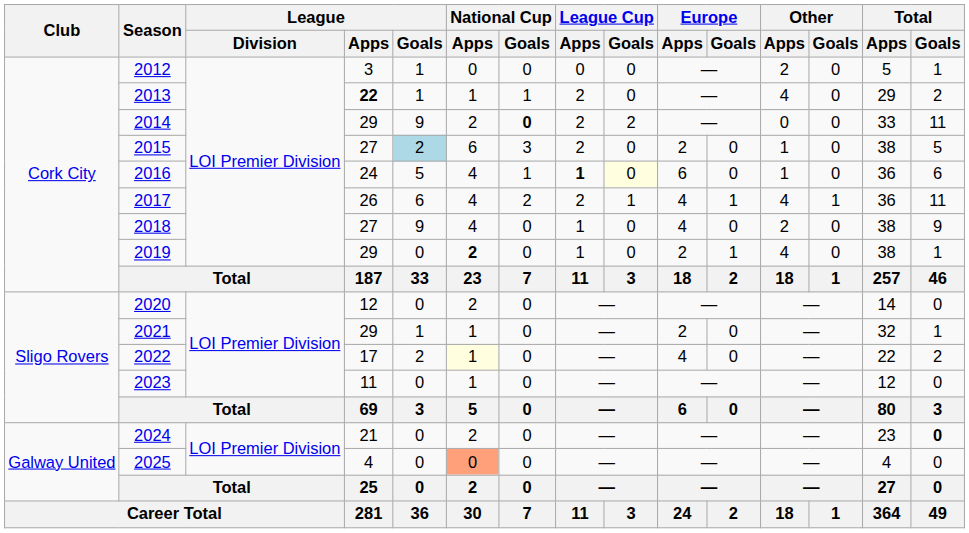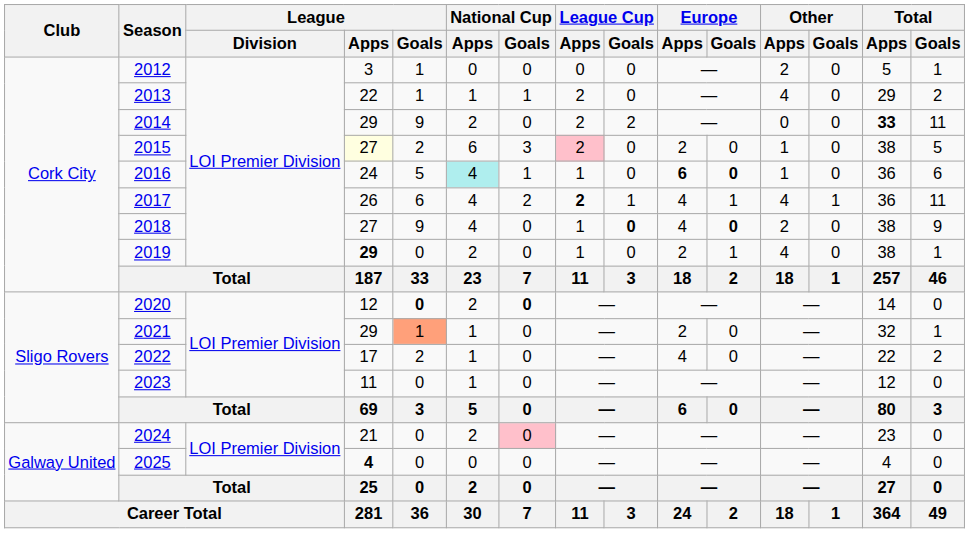 <table class=wikitable style="text-align: center">
 <tr>
 <th rowspan=2>Club</th>
 <th rowspan=2>Season</th>
 <th colspan=3>League</th>
 <th colspan=2>National Cup</th>
 <th colspan=2><a href='#'>League Cup</a></th>
 <th colspan=2><a href='#'>Europe</a></th>
 <th colspan=2>Other</th>
 <th colspan=2>Total</th>
 </tr>
 <tr>
 <th>Division</th>
 <th>Apps</th>
 <th>Goals</th>
 <th>Apps</th>
 <th>Goals</th>
 <th>Apps</th>
 <th>Goals</th>
 <th>Apps</th>
 <th>Goals</th>
 <th>Apps</th>
 <th>Goals</th>
 <th>Apps</th>
 <th>Goals</th>
 </tr>
 <tr>
 <td rowspan="9"><a href='#'>Cork City</a></td>
 <td><a href='#'>2012</a></td>
 <td rowspan="8"><a href='#'>LOI Premier Division</a></td>
 <td>3</td>
 <td>1</td>
 <td>0</td>
 <td>0</td>
 <td>0</td>
 <td>0</td>
 <td colspan="2">—</td>
 <td>2</td>
 <td>0</td>
 <td>5</td>
 <td>1</td>
 </tr>
 <tr>
 <td><a href='#'>2013</a></td>
-<td><strong>22</strong></td>
+<td>22</td>
 <td>1</td>
 <td>1</td>
 <td>1</td>
 <td>2</td>
 <td>0</td>
 <td colspan="2">—</td>
 <td>4</td>
 <td>0</td>
 <td>29</td>
 <td>2</td>
 </tr>
 <tr>
 <td><a href='#'>2014</a></td>
 <td>29</td>
 <td>9</td>
 <td>2</td>
-<td><strong>0</strong></td>
+<td>0</td>
 <td>2</td>
 <td>2</td>
 <td colspan="2">—</td>
 <td>0</td>
 <td>0</td>
-<td>33</td>
+<td><strong>33</strong></td>
 <td>11</td>
 </tr>
 <tr>
 <td><a href='#'>2015</a></td>
-<td>27</td>
-<td style="background: lightblue;">2</td>
+<td style="background: lightyellow;">27</td>
+<td>2</td>
 <td>6</td>
 <td>3</td>
-<td>2</td>
+<td style="background: pink;">2</td>
 <td>0</td>
 <td>2</td>
 <td>0</td>
 <td>1</td>
 <td>0</td>
 <td>38</td>
 <td>5</td>
 </tr>
 <tr>
 <td><a href='#'>2016</a></td>
 <td>24</td>
 <td>5</td>
-<td>4</td>
+<td style="background: paleturquoise;">4</td>
 <td>1</td>
-<td><strong>1</strong></td>
-<td style="background: lightyellow;">0</td>
-<td>6</td>
+<td>1</td>
 <td>0</td>
+<td><strong>6</strong></td>
+<td><strong>0</strong></td>
 <td>1</td>
 <td>0</td>
 <td>36</td>
 <td>6</td>
 </tr>
 <tr>
 <td><a href='#'>2017</a></td>
 <td>26</td>
 <td>6</td>
 <td>4</td>
 <td>2</td>
-<td>2</td>
+<td><strong>2</strong></td>
 <td>1</td>
 <td>4</td>
 <td>1</td>
 <td>4</td>
 <td>1</td>
 <td>36</td>
 <td>11</td>
 </tr>
 <tr>
 <td><a href='#'>2018</a></td>
 <td>27</td>
 <td>9</td>
 <td>4</td>
 <td>0</td>
 <td>1</td>
-<td>0</td>
+<td><strong>0</strong></td>
 <td>4</td>
-<td>0</td>
+<td><strong>0</strong></td>
 <td>2</td>
 <td>0</td>
 <td>38</td>
 <td>9</td>
 </tr>
 <tr>
 <td><a href='#'>2019</a></td>
-<td>29</td>
+<td><strong>29</strong></td>
 <td>0</td>
-<td><strong>2</strong></td>
+<td>2</td>
 <td>0</td>
 <td>1</td>
 <td>0</td>
 <td>2</td>
 <td>1</td>
 <td>4</td>
 <td>0</td>
 <td>38</td>
 <td>1</td>
 </tr>
 <tr>
 <th colspan="2">Total</th>
 <th>187</th>
 <th>33</th>
 <th>23</th>
 <th>7</th>
 <th>11</th>
 <th>3</th>
 <th>18</th>
 <th>2</th>
 <th>18</th>
 <th>1</th>
 <th>257</th>
 <th>46</th>
 </tr>
 <tr>
 <td rowspan="5"><a href='#'>Sligo Rovers</a></td>
 <td><a href='#'>2020</a></td>
 <td rowspan="4"><a href='#'>LOI Premier Division</a></td>
 <td>12</td>
-<td>0</td>
+<td><strong>0</strong></td>
 <td>2</td>
-<td>0</td>
+<td><strong>0</strong></td>
 <td colspan="2">—</td>
 <td colspan="2">—</td>
 <td colspan="2">—</td>
 <td>14</td>
 <td>0</td>
 </tr>
 <tr>
 <td><a href='#'>2021</a></td>
 <td>29</td>
-<td>1</td>
+<td style="background: lightsalmon;">1</td>
 <td>1</td>
 <td>0</td>
 <td colspan="2">—</td>
 <td>2</td>
 <td>0</td>
 <td colspan="2">—</td>
 <td>32</td>
 <td>1</td>
 </tr>
 <tr>
 <td><a href='#'>2022</a></td>
 <td>17</td>
 <td>2</td>
-<td style="background: lightyellow;">1</td>
+<td>1</td>
 <td>0</td>
 <td colspan="2">—</td>
 <td>4</td>
 <td>0</td>
 <td colspan="2">—</td>
 <td>22</td>
 <td>2</td>
 </tr>
 <tr>
 <td><a href='#'>2023</a></td>
 <td>11</td>
 <td>0</td>
 <td>1</td>
 <td>0</td>
 <td colspan="2">—</td>
 <td colspan="2">—</td>
 <td colspan="2">—</td>
 <td>12</td>
 <td>0</td>
 </tr>
 <tr>
 <th colspan="2">Total</th>
 <th>69</th>
 <th>3</th>
 <th>5</th>
 <th>0</th>
 <th colspan="2">—</th>
 <th>6</th>
 <th>0</th>
 <th colspan="2">—</th>
 <th>80</th>
 <th>3</th>
 </tr>
 <tr>
 <td rowspan="3"><a href='#'>Galway United</a></td>
 <td><a href='#'>2024</a></td>
 <td rowspan="2"><a href='#'>LOI Premier Division</a></td>
 <td>21</td>
 <td>0</td>
 <td>2</td>
-<td>0</td>
+<td style="background: pink;">0</td>
 <td colspan="2">—</td>
 <td colspan="2">—</td>
 <td colspan="2">—</td>
 <td>23</td>
-<td><strong>0</strong></td>
+<td>0</td>
 </tr>
 <tr>
 <td><a href='#'>2025</a></td>
-<td>4</td>
+<td><strong>4</strong></td>
 <td>0</td>
-<td style="background: lightsalmon;">0</td>
+<td>0</td>
 <td>0</td>
 <td colspan="2">—</td>
 <td colspan="2">—</td>
 <td colspan="2">—</td>
 <td>4</td>
 <td>0</td>
 </tr>
 <tr>
 <th colspan="2">Total</th>
 <th>25</th>
 <th>0</th>
 <th>2</th>
 <th>0</th>
 <th colspan="2">—</th>
 <th colspan="2">—</th>
 <th colspan="2">—</th>
 <th>27</th>
 <th>0</th>
 </tr>
 <tr>
 <th colspan="3">Career Total</th>
 <th>281</th>
 <th>36</th>
 <th>30</th>
 <th>7</th>
 <th>11</th>
 <th>3</th>
 <th>24</th>
 <th>2</th>
 <th>18</th>
 <th>1</th>
 <th>364</th>
 <th>49</th>
 </tr>
 </table>
